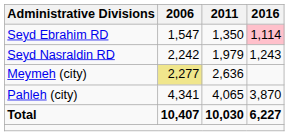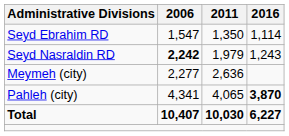 <table class="wikitable">
 <tr>
 <th>Administrative Divisions</th>
 <th>2006</th>
 <th>2011</th>
 <th>2016</th>
 </tr>
 <tr>
 <td><a href='#'>Seyd Ebrahim RD</a></td>
 <td style="text-align: right;">1,547</td>
 <td style="text-align: right;">1,350</td>
-<td style="background: pink; text-align: right;">1,114</td>
+<td style="text-align: right;">1,114</td>
 </tr>
 <tr>
 <td><a href='#'>Seyd Nasraldin RD</a></td>
-<td style="text-align: right;">2,242</td>
+<td style="text-align: right;"><strong>2,242</strong></td>
 <td style="text-align: right;">1,979</td>
 <td style="text-align: right;">1,243</td>
 </tr>
 <tr>
 <td><a href='#'>Meymeh</a> (city)</td>
-<td style="background: khaki; text-align: right;">2,277</td>
+<td style="text-align: right;">2,277</td>
 <td style="text-align: right;">2,636</td>
 <td style="text-align: right;"></td>
 </tr>
 <tr>
 <td><a href='#'>Pahleh</a> (city)</td>
 <td style="text-align: right;">4,341</td>
 <td style="text-align: right;">4,065</td>
-<td style="text-align: right;">3,870</td>
+<td style="text-align: right;"><strong>3,870</strong></td>
 </tr>
 <tr>
 <td><strong>Total</strong></td>
 <td style="text-align: right;"><strong>10,407</strong></td>
 <td style="text-align: right;"><strong>10,030</strong></td>
 <td style="text-align: right;"><strong>6,227</strong></td>
 </tr>
 <tr>
 <td colspan=4></td>
 </tr>
 </table>
